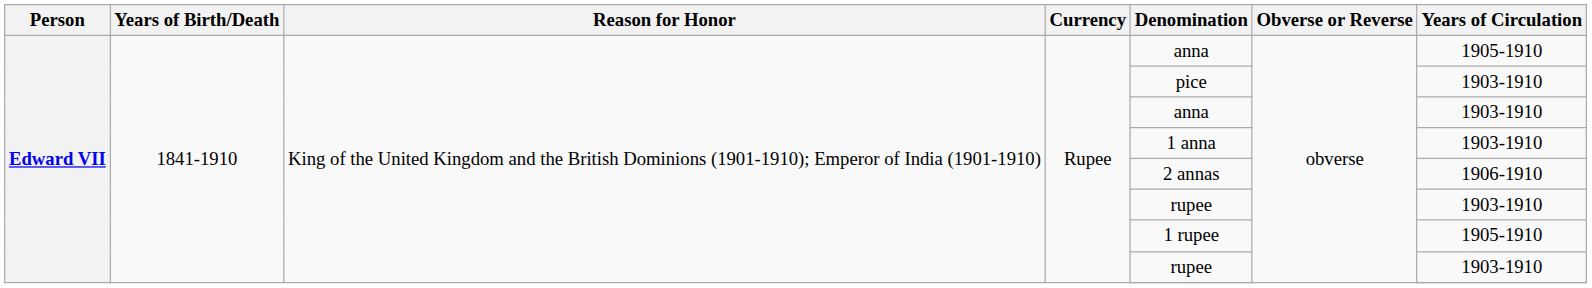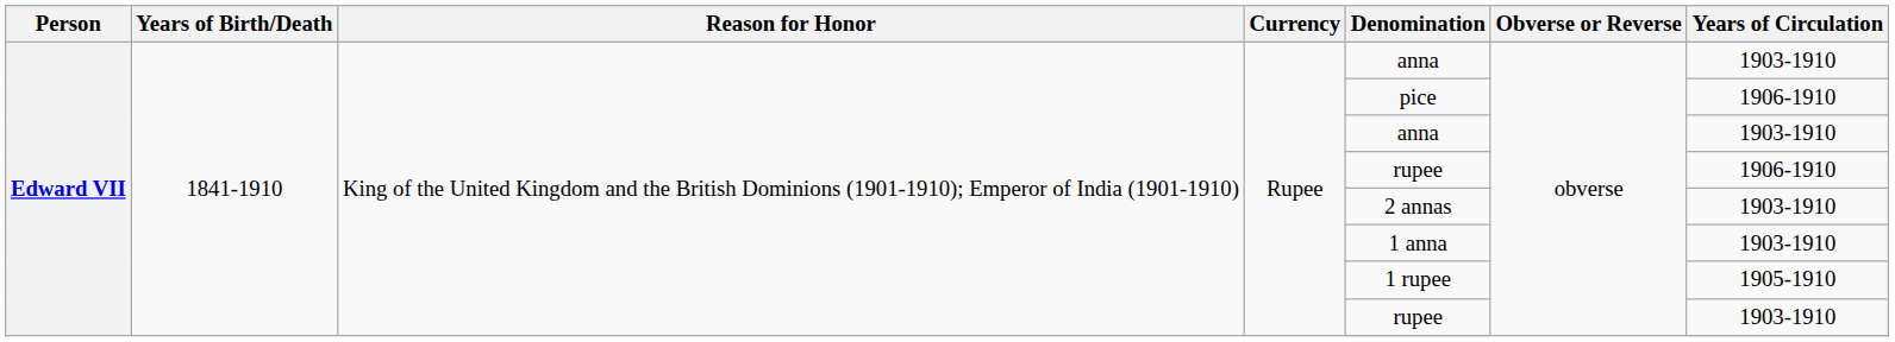 <table class="wikitable" style="font-size:95%; text-align:center;">
 <tr>
 <th>Person</th>
 <th>Years of Birth/Death</th>
 <th>Reason for Honor</th>
 <th>Currency</th>
 <th>Denomination</th>
 <th>Obverse or Reverse</th>
 <th>Years of Circulation</th>
 </tr>
 <tr>
 <th rowspan="11"><a href='#'>Edward VII</a></th>
 <td rowspan="11">1841-1910</td>
 <td rowspan="11">King of the United Kingdom and the British Dominions (1901-1910); Emperor of India (1901-1910)</td>
 <td rowspan="11">Rupee</td>
 <td> anna</td>
 <td rowspan="11">obverse</td>
-<td>1905-1910</td>
+<td>1903-1910</td>
 </tr>
 <tr>
 <td> pice</td>
-<td>1903-1910</td>
+<td>1906-1910</td>
 </tr>
 <tr>
 <td> anna</td>
 <td>1903-1910</td>
 </tr>
 <tr>
-<td>1 anna</td>
+<td> rupee</td>
+<td>1906-1910</td>
+</tr>
+<tr>
+<td>2 annas</td>
 <td>1903-1910</td>
 </tr>
 <tr>
-<td>2 annas</td>
-<td>1906-1910</td>
-</tr>
-<tr>
-<td> rupee</td>
+<td>1 anna</td>
 <td>1903-1910</td>
 </tr>
 <tr>
 <td>1 rupee</td>
 <td>1905-1910</td>
 </tr>
 <tr>
 <td> rupee</td>
 <td>1903-1910</td>
 </tr>
 <tr>
 </tr>
 </table>
